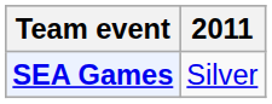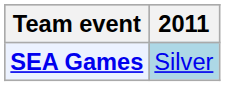 <table class="wikitable" style="font-size: 90%; text-align:center">
 <tr>
 <th>Team event</th>
 <th>2011</th>
 </tr>
 <tr>
 <td bgcolor="#ECF2FF"; align="left"><strong><a href='#'>SEA Games</a></strong></td>
-<td> <a href='#'>Silver</a></td>
+<td style="background: lightblue;"> <a href='#'>Silver</a></td>
 </tr>
 </table>
